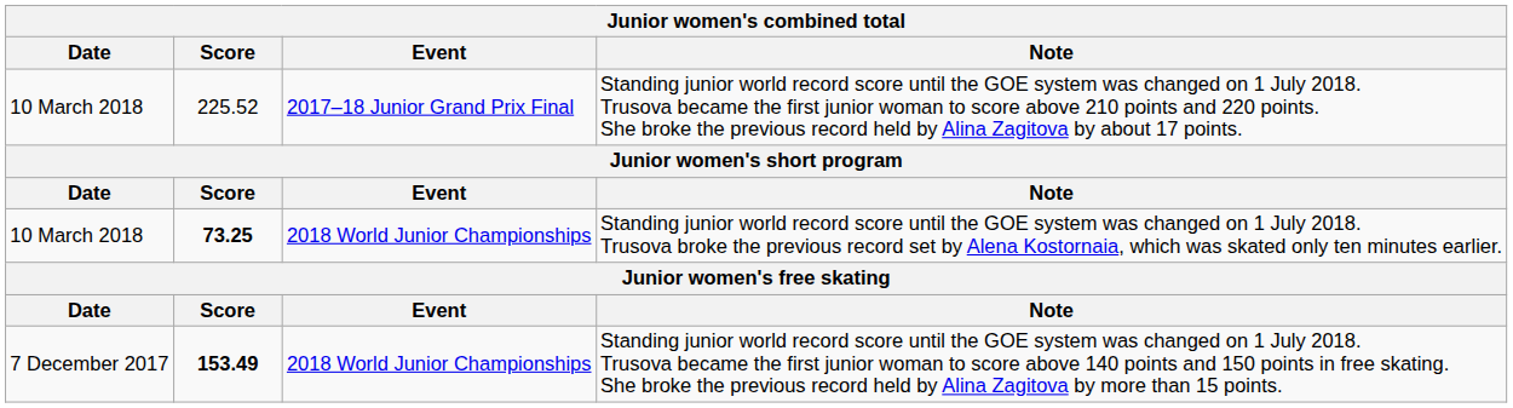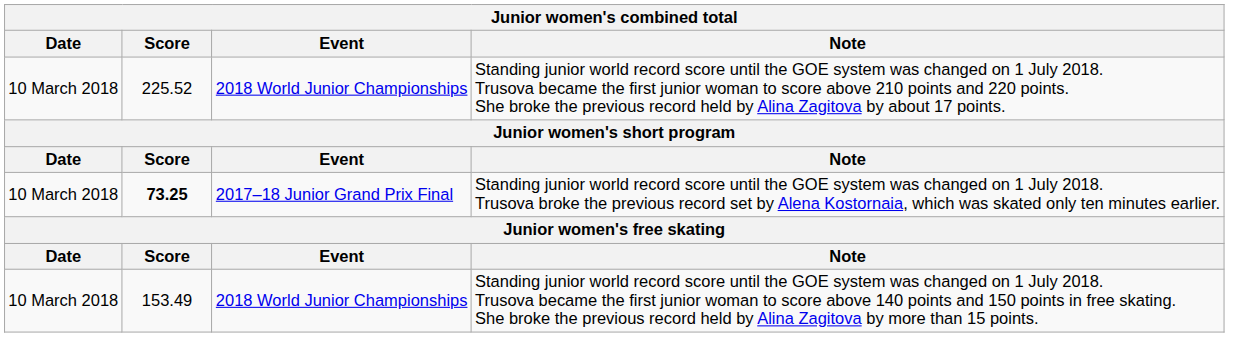 <table class="wikitable sortable">
 <tr>
 <th colspan=4 align=center>Junior women's combined total</th>
 </tr>
 <tr>
 <th>Date</th>
 <th style="width:80px;">Score</th>
 <th>Event</th>
 <th>Note</th>
 </tr>
 <tr>
 <td>10 March 2018</td>
 <td style="text-align:center;">225.52</td>
-<td><a href='#'>2017–18 Junior Grand Prix Final</a></td>
+<td><a href='#'>2018 World Junior Championships</a></td>
 <td>Standing junior world record score until the GOE system was changed on 1 July 2018. <br> Trusova became the first junior woman to score above 210 points and 220 points. <br> She broke the previous record held by <a href='#'>Alina Zagitova</a> by about 17 points.</td>
 </tr>
 <tr>
 <th colspan=4 align=center>Junior women's short program</th>
 </tr>
 <tr>
 <th>Date</th>
 <th style="width:80px;">Score</th>
 <th>Event</th>
 <th>Note</th>
 </tr>
 <tr>
 <td>10 March 2018</td>
 <td style="text-align:center;"><strong>73.25</strong></td>
-<td><a href='#'>2018 World Junior Championships</a></td>
+<td><a href='#'>2017–18 Junior Grand Prix Final</a></td>
 <td>Standing junior world record score until the GOE system was changed on 1 July 2018. <br> Trusova broke the previous record set by <a href='#'>Alena Kostornaia</a>, which was skated only ten minutes earlier.</td>
 </tr>
 <tr>
 <th colspan=4 align=center>Junior women's free skating</th>
 </tr>
 <tr>
 <th>Date</th>
 <th style="width:80px;">Score</th>
 <th>Event</th>
 <th>Note</th>
 </tr>
 <tr>
-<td>7 December 2017</td>
-<td style="text-align:center;"><strong>153.49</strong></td>
+<td>10 March 2018</td>
+<td style="text-align:center;">153.49</td>
 <td><a href='#'>2018 World Junior Championships</a></td>
 <td>Standing junior world record score until the GOE system was changed on 1 July 2018. <br> Trusova became the first junior woman to score above 140 points and 150 points in free skating. <br> She broke the previous record held by <a href='#'>Alina Zagitova</a> by more than 15 points.</td>
 </tr>
 </table>
